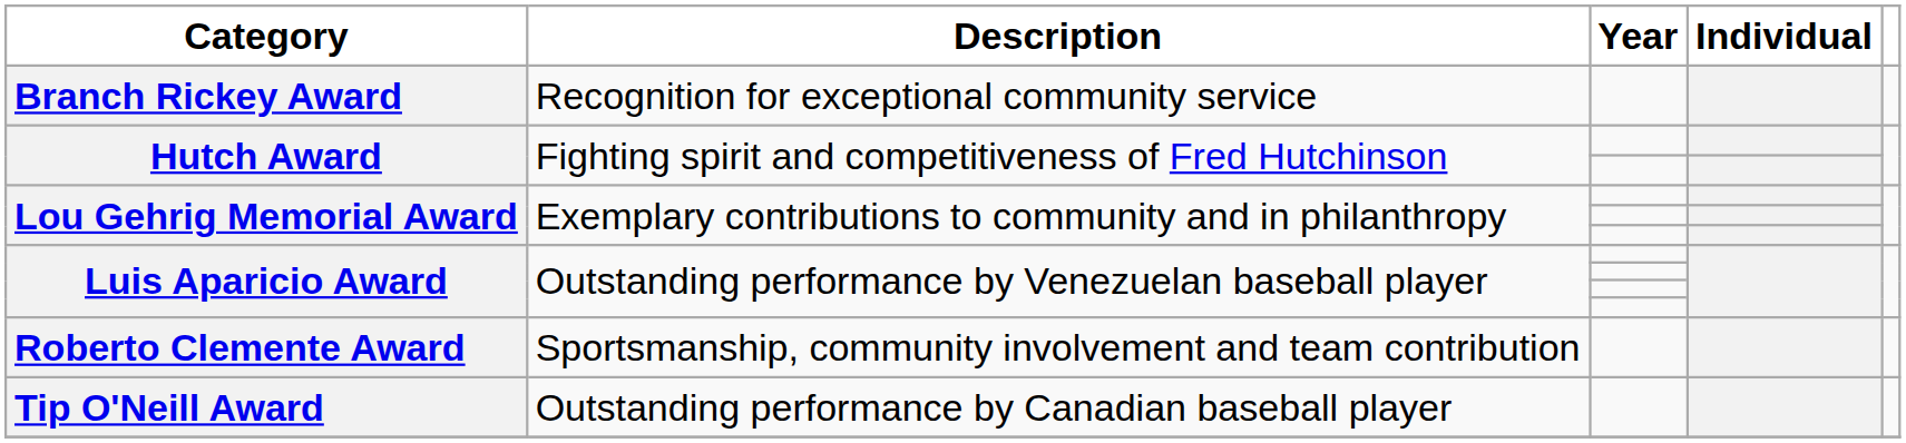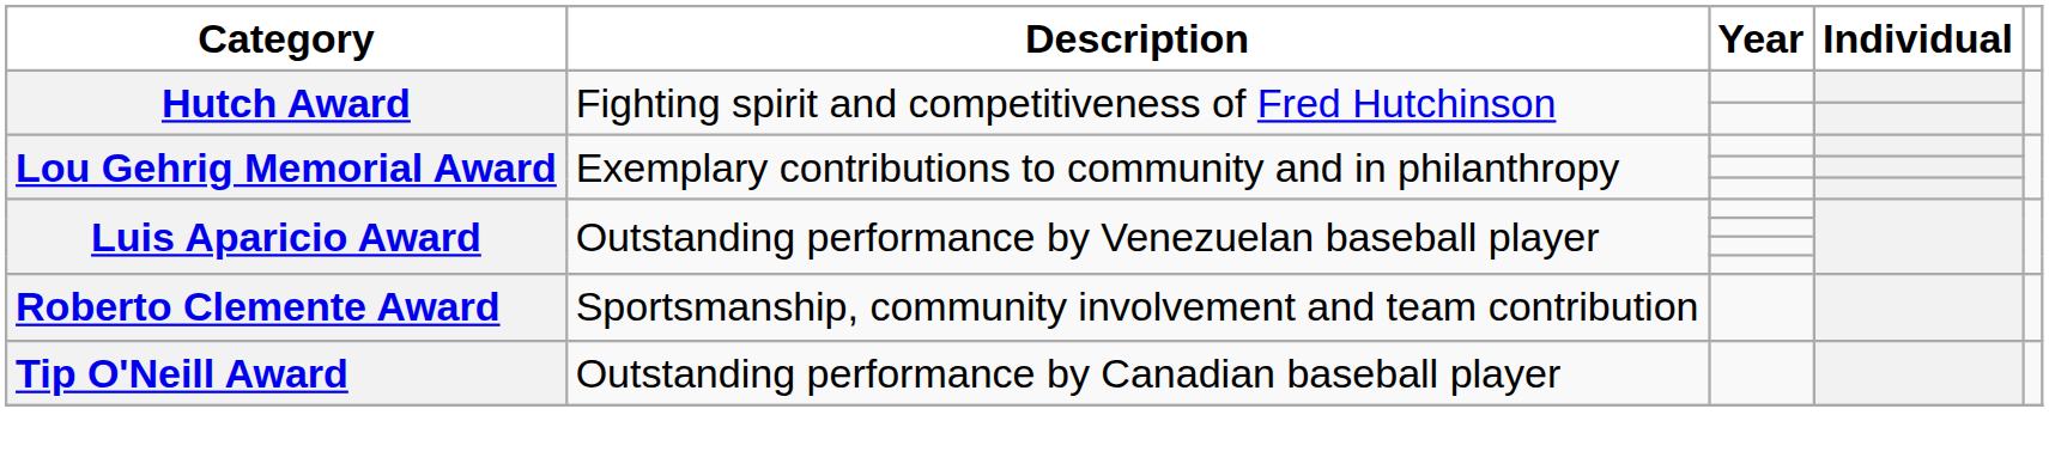 <table class="wikitable sortable plainrowheaders" style="font-size: 95%; style="text-align:center">
 <tr>
 <th scope="col" style="background-color:#ffffff; border-top:#">Category</th>
 <th scope="col" class="unsortable" style="background-color:#ffffff; border-top:#">Description</th>
 <th scope="col" style="background-color:#ffffff; border-top:#">Year</th>
 <th scope="col" style="background-color:#ffffff; border-top:#">Individual</th>
 <th scope="col" class="unsortable" style="background-color:#ffffff; border-top:#"></th>
-</tr>
-<tr>
-<th scope="row" style="text-align:left"><strong><a href='#'>Branch Rickey Award</a></strong></th>
-<td style="text-align:left">Recognition for exceptional community service</td>
-<td style="text-align:center"></td>
-<th scope="row" style="text-align:center"><strong></strong></th>
-<td style="text-align:center"></td>
 </tr>
 <tr>
 <th scope="row" rowspan="2"><strong><a href='#'>Hutch Award</a></strong></th>
 <td style="text-align:left" rowspan="2">Fighting spirit and competitiveness of <a href='#'>Fred Hutchinson</a></td>
 <td style="text-align:center"></td>
 <th scope="row" style="text-align:center"><strong></strong></th>
 <td style="text-align:center" rowspan="2"></td>
 </tr>
 <tr>
 <td style="text-align:center"></td>
 <th scope="row" style="text-align:center"><strong></strong></th>
 </tr>
 <tr>
 <th scope="row" rowspan="3"><strong><a href='#'>Lou Gehrig Memorial Award</a></strong></th>
 <td style="text-align:left" rowspan="3">Exemplary contributions to community and in philanthropy</td>
 <td style="text-align:center"></td>
 <th scope="row" style="text-align:center"><strong></strong></th>
 <td style="text-align:center" rowspan="3"></td>
 </tr>
 <tr>
 <td style="text-align:center"></td>
 <th scope="row" style="text-align:center"><strong></strong></th>
 </tr>
 <tr>
 <td style="text-align:center"></td>
 <th scope="row" style="text-align:center"><strong></strong></th>
 </tr>
 <tr>
 <th scope="row" rowspan="4"><strong><a href='#'>Luis Aparicio Award</a></strong></th>
 <td style="text-align:left" rowspan="4">Outstanding performance by Venezuelan baseball player</td>
 <td style="text-align:center"></td>
 <th scope="row" style="text-align:center" rowspan="4"><strong></strong></th>
 <td style="text-align:center" rowspan="4"></td>
 </tr>
 <tr>
 <td style="text-align:center"></td>
 </tr>
 <tr>
 <td style="text-align:center"></td>
 </tr>
 <tr>
 <td style="text-align:center"></td>
 </tr>
 <tr>
 <th scope="row" style="text-align:left"><strong><a href='#'>Roberto Clemente Award</a></strong></th>
 <td style="text-align:left">Sportsmanship, community involvement and team contribution</td>
 <td style="text-align:center"></td>
 <th scope="row" style="text-align:center"><strong></strong></th>
 <td style="text-align:center"></td>
 </tr>
 <tr>
 <th scope="row" style="text-align:left"><strong><a href='#'>Tip O'Neill Award</a></strong></th>
 <td style="text-align:left">Outstanding performance by Canadian baseball player</td>
 <td style="text-align:center"></td>
 <th scope="row" style="text-align:center"><strong></strong></th>
 <td style="text-align:center"></td>
 </tr>
 <tr>
 </tr>
 </table>
